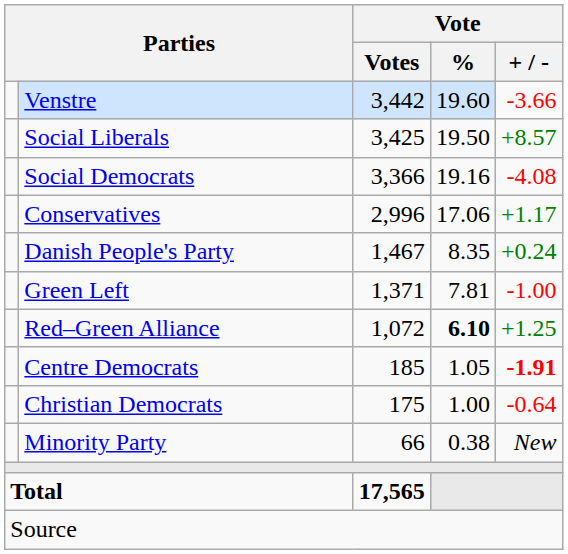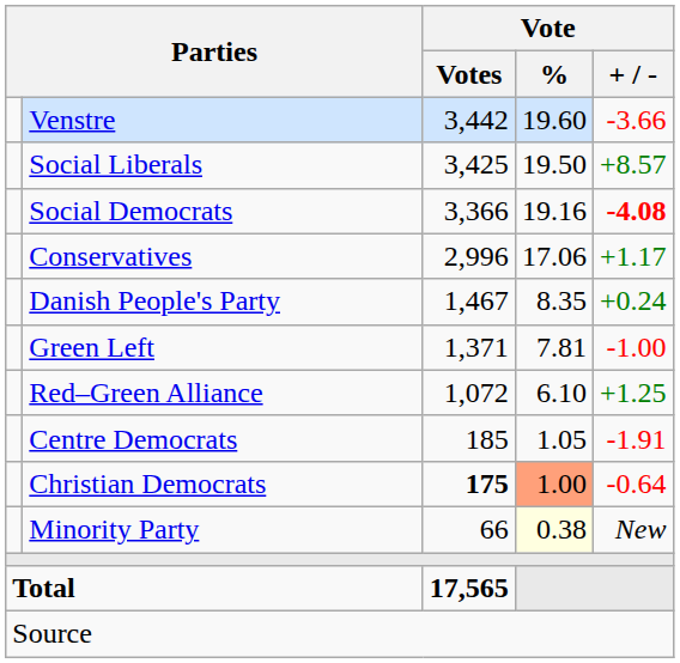 <table class="wikitable" style="text-align:right;">
 <tr>
 <th style="text-align:centre;" rowspan="2" colspan="2" width="225">Parties</th>
 <th colspan="3">Vote</th>
 </tr>
 <tr>
 <th width="15">Votes</th>
 <th width="15">%</th>
 <th width="15">+ / -</th>
 </tr>
 <tr>
 <td width="2" style="color:inherit;background:"></td>
 <td bgcolor=#cfe5fe  align="left"><a href='#'>Venstre</a></td>
 <td bgcolor=#cfe5fe>3,442</td>
 <td bgcolor=#cfe5fe>19.60</td>
 <td style=color:red;>-3.66</td>
 </tr>
 <tr>
 <td width="2" style="color:inherit;background:"></td>
 <td align="left"><a href='#'>Social Liberals</a></td>
 <td>3,425</td>
 <td>19.50</td>
 <td style=color:green;>+8.57</td>
 </tr>
 <tr>
 <td width="2" style="color:inherit;background:"></td>
 <td align="left"><a href='#'>Social Democrats</a></td>
 <td>3,366</td>
 <td>19.16</td>
-<td style=color:red;>-4.08</td>
+<td style=color:red;><strong>-4.08</strong></td>
 </tr>
 <tr>
 <td width="2" style="color:inherit;background:"></td>
 <td align="left"><a href='#'>Conservatives</a></td>
 <td>2,996</td>
 <td>17.06</td>
 <td style=color:green;>+1.17</td>
 </tr>
 <tr>
 <td width="2" style="color:inherit;background:"></td>
 <td align="left"><a href='#'>Danish People's Party</a></td>
 <td>1,467</td>
 <td>8.35</td>
 <td style=color:green;>+0.24</td>
 </tr>
 <tr>
 <td width="2" style="color:inherit;background:"></td>
 <td align="left"><a href='#'>Green Left</a></td>
 <td>1,371</td>
 <td>7.81</td>
 <td style=color:red;>-1.00</td>
 </tr>
 <tr>
 <td width="2" style="color:inherit;background:"></td>
 <td align="left"><a href='#'>Red–Green Alliance</a></td>
 <td>1,072</td>
-<td><strong>6.10</strong></td>
+<td>6.10</td>
 <td style=color:green;>+1.25</td>
 </tr>
 <tr>
 <td width="2" style="color:inherit;background:"></td>
 <td align="left"><a href='#'>Centre Democrats</a></td>
 <td>185</td>
 <td>1.05</td>
-<td style=color:red;><strong>-1.91</strong></td>
+<td style=color:red;>-1.91</td>
 </tr>
 <tr>
 <td width="2" style="color:inherit;background:"></td>
 <td align="left"><a href='#'>Christian Democrats</a></td>
-<td>175</td>
-<td>1.00</td>
+<td><strong>175</strong></td>
+<td style="background: lightsalmon;">1.00</td>
 <td style=color:red;>-0.64</td>
 </tr>
 <tr>
 <td width="2" style="color:inherit;background:"></td>
 <td align="left"><a href='#'>Minority Party</a></td>
 <td>66</td>
-<td>0.38</td>
+<td style="background: lightyellow;">0.38</td>
 <td><em>New</em></td>
 </tr>
 <tr>
 <td colspan="7" bgcolor="#E9E9E9"></td>
 </tr>
 <tr>
 <td align="left" colspan="2"><strong>Total</strong></td>
 <td><strong>17,565</strong></td>
 <td bgcolor="#E9E9E9" colspan="2"></td>
 </tr>
 <tr>
 <td align="left" colspan="6">Source</td>
 </tr>
 </table>
